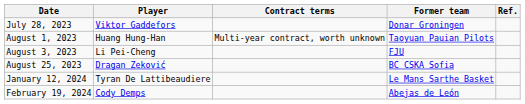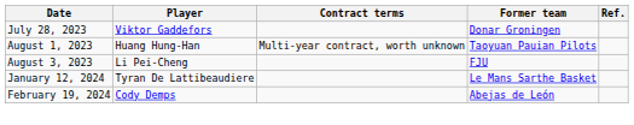 <table class="wikitable">
 <tr>
 <th>Date</th>
 <th>Player</th>
 <th>Contract terms</th>
 <th>Former team</th>
 <th>Ref.</th>
 </tr>
 <tr>
 <td>July 28, 2023</td>
 <td><a href='#'>Viktor Gaddefors</a></td>
 <td></td>
 <td> <a href='#'>Donar Groningen</a></td>
 <td></td>
 </tr>
 <tr>
 <td>August 1, 2023</td>
 <td>Huang Hung-Han</td>
 <td>Multi-year contract, worth unknown</td>
 <td> <a href='#'>Taoyuan Pauian Pilots</a></td>
 <td></td>
 </tr>
 <tr>
 <td>August 3, 2023</td>
 <td>Li Pei-Cheng</td>
 <td></td>
 <td> <a href='#'>FJU</a></td>
 <td></td>
 </tr>
 <tr>
-<td>August 25, 2023</td>
-<td><a href='#'>Dragan Zeković</a></td>
-<td></td>
-<td> <a href='#'>BC CSKA Sofia</a></td>
-<td></td>
-</tr>
-<tr>
 <td>January 12, 2024</td>
 <td>Tyran De Lattibeaudiere</td>
 <td></td>
 <td> <a href='#'>Le Mans Sarthe Basket</a></td>
 <td></td>
 </tr>
 <tr>
 <td>February 19, 2024</td>
 <td><a href='#'>Cody Demps</a></td>
 <td></td>
 <td> <a href='#'>Abejas de León</a></td>
 <td></td>
 </tr>
 </table>
